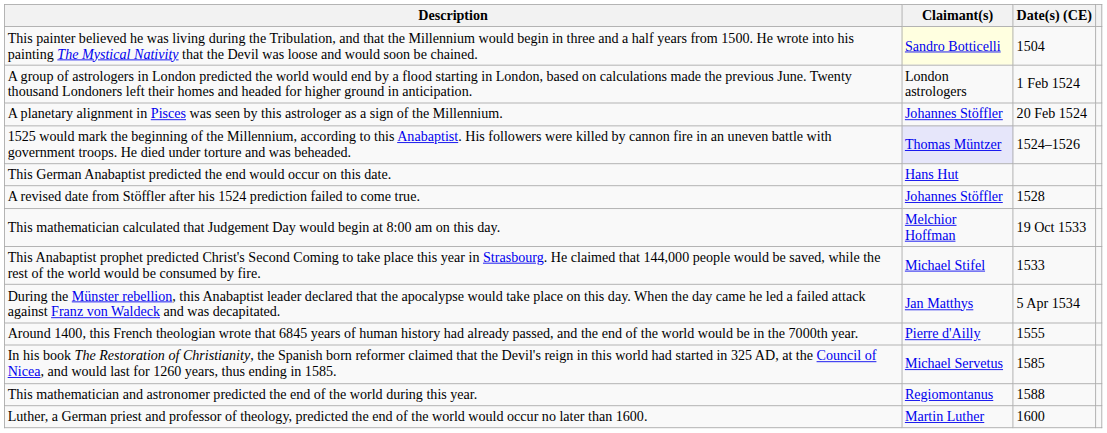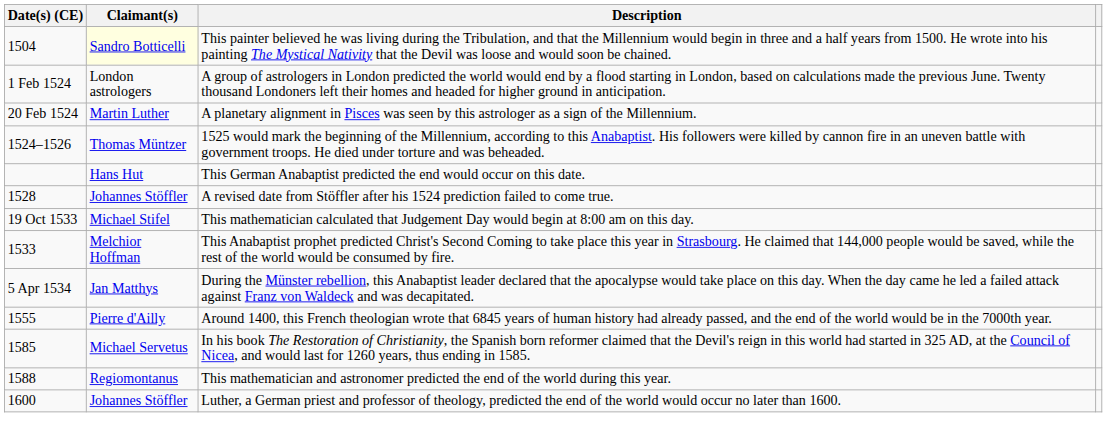 <table class="wikitable">
 <tr>
+<th>Date(s) (CE)</th>
+<th>Claimant(s)</th>
 <th>Description</th>
-<th>Claimant(s)</th>
-<th>Date(s) (CE)</th>
 <th></th>
 </tr>
 <tr>
+<td>1504</td>
+<td style="background: lightyellow;"><a href='#'>Sandro Botticelli</a></td>
 <td>This painter believed he was living during the Tribulation, and that the Millennium would begin in three and a half years from 1500. He wrote into his painting <em><a href='#'>The Mystical Nativity</a></em> that the Devil was loose and would soon be chained.</td>
-<td style="background: lightyellow;"><a href='#'>Sandro Botticelli</a></td>
-<td>1504</td>
 <td align=center><br></td>
 </tr>
 <tr>
+<td>1 Feb 1524</td>
+<td>London astrologers</td>
 <td>A group of astrologers in London predicted the world would end by a flood starting in London, based on calculations made the previous June. Twenty thousand Londoners left their homes and headed for higher ground in anticipation.</td>
-<td>London astrologers</td>
-<td>1 Feb 1524</td>
 <td align=center><br></td>
 </tr>
 <tr>
+<td>20 Feb 1524</td>
+<td><a href='#'>Martin Luther</a></td>
 <td>A planetary alignment in <a href='#'>Pisces</a> was seen by this astrologer as a sign of the Millennium.</td>
-<td><a href='#'>Johannes&nbsp;Stöffler</a></td>
-<td>20 Feb 1524</td>
 <td align=center></td>
 </tr>
 <tr>
+<td>1524–1526</td>
+<td><a href='#'>Thomas Müntzer</a></td>
 <td>1525 would mark the beginning of the Millennium, according to this <a href='#'>Anabaptist</a>. His followers were killed by cannon fire in an uneven battle with government troops. He died under torture and was beheaded.</td>
-<td style="background: lavender;"><a href='#'>Thomas Müntzer</a></td>
-<td>1524–1526</td>
 <td align=center><br></td>
 </tr>
 <tr>
+<td></td>
+<td><a href='#'>Hans Hut</a></td>
 <td>This German Anabaptist predicted the end would occur on this date.</td>
-<td><a href='#'>Hans Hut</a></td>
-<td></td>
 <td align=center></td>
 </tr>
 <tr>
+<td>1528</td>
+<td><a href='#'>Johannes Stöffler</a></td>
 <td>A revised date from Stöffler after his 1524 prediction failed to come true.</td>
-<td><a href='#'>Johannes Stöffler</a></td>
-<td>1528</td>
 <td align=center></td>
 </tr>
 <tr>
+<td>19 Oct 1533</td>
+<td><a href='#'>Michael Stifel</a></td>
 <td>This mathematician calculated that Judgement Day would begin at 8:00 am on this day.</td>
-<td><a href='#'>Melchior Hoffman</a></td>
-<td>19 Oct 1533</td>
 <td align=center></td>
 </tr>
 <tr>
+<td>1533</td>
+<td><a href='#'>Melchior Hoffman</a></td>
 <td>This Anabaptist prophet predicted Christ's Second Coming to take place this year in <a href='#'>Strasbourg</a>. He claimed that 144,000 people would be saved, while the rest of the world would be consumed by fire.</td>
-<td><a href='#'>Michael Stifel</a></td>
-<td>1533</td>
 <td align=center></td>
 </tr>
 <tr>
+<td>5 Apr 1534</td>
+<td><a href='#'>Jan Matthys</a></td>
 <td>During the <a href='#'>Münster rebellion</a>, this Anabaptist leader declared that the apocalypse would take place on this day. When the day came he led a failed attack against <a href='#'>Franz von Waldeck</a> and was decapitated.</td>
-<td><a href='#'>Jan Matthys</a></td>
-<td>5 Apr 1534</td>
 <td align=center></td>
 </tr>
 <tr>
+<td>1555</td>
+<td><a href='#'>Pierre d'Ailly</a></td>
 <td>Around 1400, this French theologian wrote that 6845 years of human history had already passed, and the end of the world would be in the 7000th year.</td>
-<td><a href='#'>Pierre d'Ailly</a></td>
-<td>1555</td>
 <td align=center></td>
 </tr>
 <tr>
+<td>1585</td>
+<td><a href='#'>Michael Servetus</a></td>
 <td>In his book <em>The Restoration of Christianity</em>, the Spanish born reformer claimed that the Devil's reign in this world had started in 325 AD, at the <a href='#'>Council of Nicea</a>, and would last for 1260 years, thus ending in 1585.</td>
-<td><a href='#'>Michael Servetus</a></td>
-<td>1585</td>
 <td align=center></td>
 </tr>
 <tr>
+<td>1588</td>
+<td><a href='#'>Regiomontanus</a></td>
 <td>This mathematician and astronomer predicted the end of the world during this year.</td>
-<td><a href='#'>Regiomontanus</a></td>
-<td>1588</td>
 <td align=center></td>
 </tr>
 <tr>
+<td>1600</td>
+<td><a href='#'>Johannes&nbsp;Stöffler</a></td>
 <td>Luther, a German priest and professor of theology, predicted the end of the world would occur no later than 1600.</td>
-<td><a href='#'>Martin Luther</a></td>
-<td>1600</td>
 <td align=center></td>
 </tr>
 </table>
